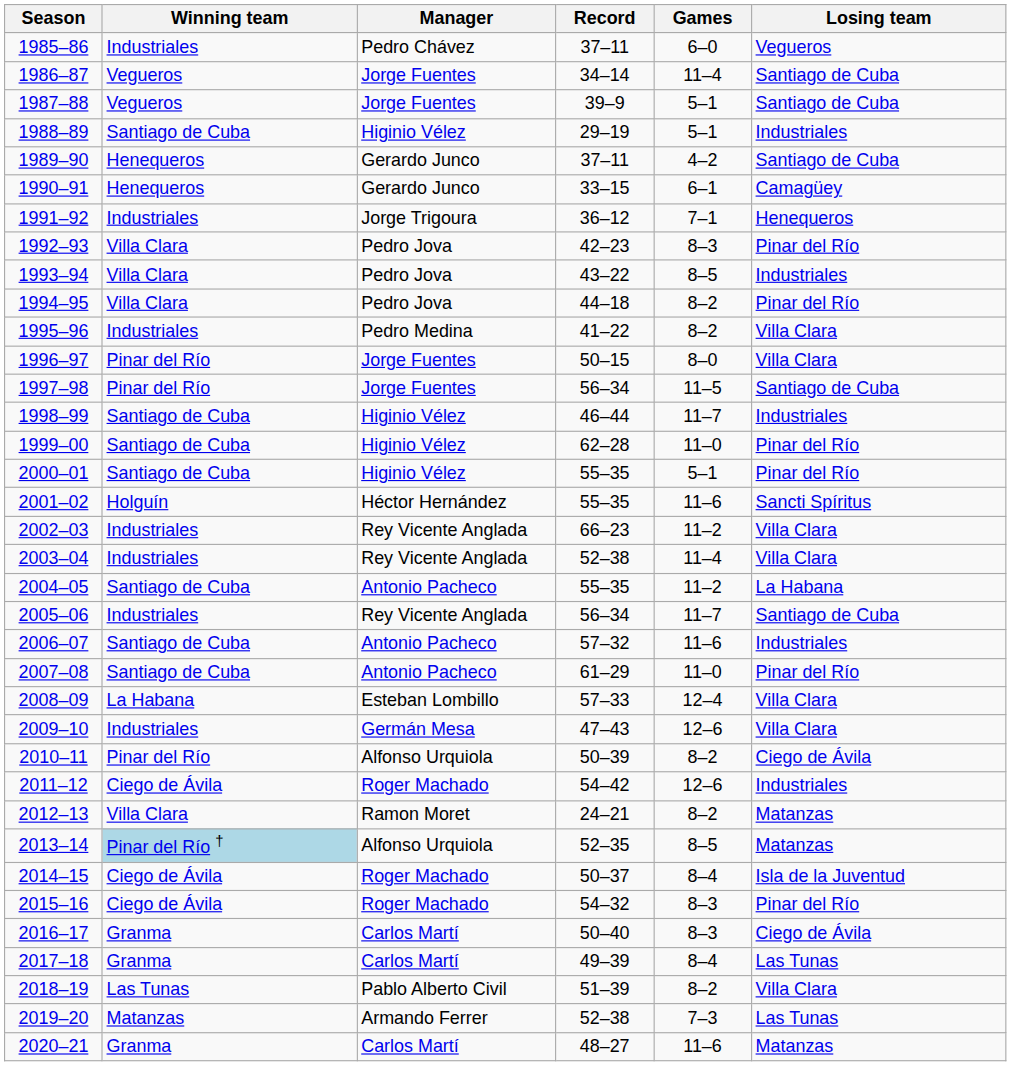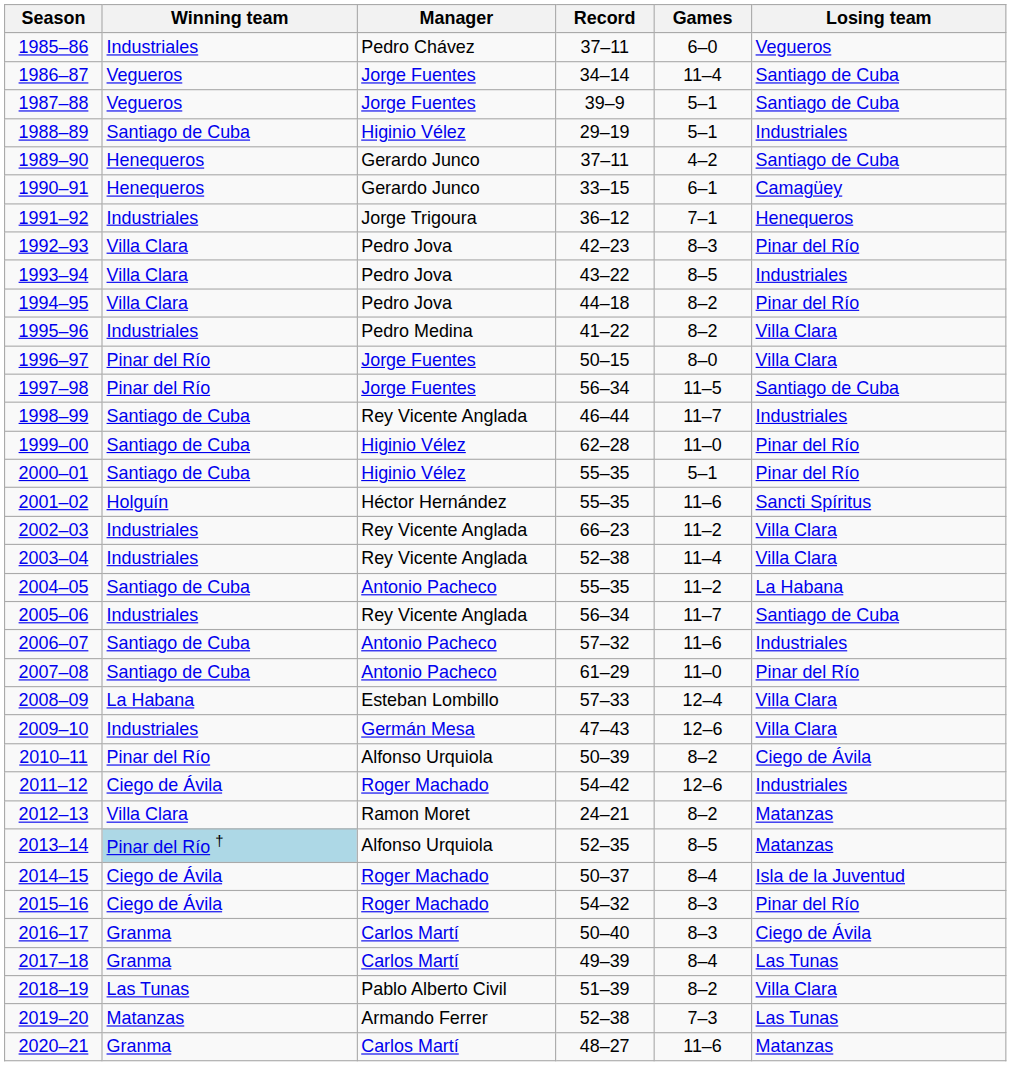 <table class="wikitable sortable">
 <tr>
 <th width="80">Season</th>
 <th width="220">Winning team</th>
 <th width="170">Manager</th>
 <th width="80">Record</th>
 <th width="80">Games</th>
 <th width="220">Losing team</th>
 </tr>
 <tr>
 <td align="center"><a href='#'>1985–86</a></td>
 <td><a href='#'>Industriales</a> </td>
 <td>Pedro Chávez</td>
 <td align="center">37–11</td>
 <td align="center">6–0</td>
 <td><a href='#'>Vegueros</a></td>
 </tr>
 <tr>
 <td align="center"><a href='#'>1986–87</a></td>
 <td><a href='#'>Vegueros</a> </td>
 <td><a href='#'>Jorge Fuentes</a></td>
 <td align="center">34–14</td>
 <td align="center">11–4</td>
 <td><a href='#'>Santiago de Cuba</a></td>
 </tr>
 <tr>
 <td align="center"><a href='#'>1987–88</a></td>
 <td><a href='#'>Vegueros</a> </td>
 <td><a href='#'>Jorge Fuentes</a></td>
 <td align="center">39–9</td>
 <td align="center">5–1</td>
 <td><a href='#'>Santiago de Cuba</a></td>
 </tr>
 <tr>
 <td align="center"><a href='#'>1988–89</a></td>
 <td><a href='#'>Santiago de Cuba</a> </td>
 <td><a href='#'>Higinio Vélez</a></td>
 <td align="center">29–19</td>
 <td align="center">5–1</td>
 <td><a href='#'>Industriales</a></td>
 </tr>
 <tr>
 <td align="center"><a href='#'>1989–90</a></td>
 <td><a href='#'>Henequeros</a> </td>
 <td>Gerardo Junco</td>
 <td align="center">37–11</td>
 <td align="center">4–2</td>
 <td><a href='#'>Santiago de Cuba</a></td>
 </tr>
 <tr>
 <td align="center"><a href='#'>1990–91</a></td>
 <td><a href='#'>Henequeros</a> </td>
 <td>Gerardo Junco</td>
 <td align="center">33–15</td>
 <td align="center">6–1</td>
 <td><a href='#'>Camagüey</a></td>
 </tr>
 <tr>
 <td align="center"><a href='#'>1991–92</a></td>
 <td><a href='#'>Industriales</a> </td>
 <td>Jorge Trigoura</td>
 <td align="center">36–12</td>
 <td align="center">7–1</td>
 <td><a href='#'>Henequeros</a></td>
 </tr>
 <tr>
 <td align="center"><a href='#'>1992–93</a></td>
 <td><a href='#'>Villa Clara</a> </td>
 <td>Pedro Jova</td>
 <td align="center">42–23</td>
 <td align="center">8–3</td>
 <td><a href='#'>Pinar del Río</a></td>
 </tr>
 <tr>
 <td align="center"><a href='#'>1993–94</a></td>
 <td><a href='#'>Villa Clara</a> </td>
 <td>Pedro Jova</td>
 <td align="center">43–22</td>
 <td align="center">8–5</td>
 <td><a href='#'>Industriales</a></td>
 </tr>
 <tr>
 <td align="center"><a href='#'>1994–95</a></td>
 <td><a href='#'>Villa Clara</a> </td>
 <td>Pedro Jova</td>
 <td align="center">44–18</td>
 <td align="center">8–2</td>
 <td><a href='#'>Pinar del Río</a></td>
 </tr>
 <tr>
 <td align="center"><a href='#'>1995–96</a></td>
 <td><a href='#'>Industriales</a> </td>
 <td>Pedro Medina</td>
 <td align="center">41–22</td>
 <td align="center">8–2</td>
 <td><a href='#'>Villa Clara</a></td>
 </tr>
 <tr>
 <td align="center"><a href='#'>1996–97</a></td>
 <td><a href='#'>Pinar del Río</a> </td>
 <td><a href='#'>Jorge Fuentes</a></td>
 <td align="center">50–15</td>
 <td align="center">8–0</td>
 <td><a href='#'>Villa Clara</a></td>
 </tr>
 <tr>
 <td align="center"><a href='#'>1997–98</a></td>
 <td><a href='#'>Pinar del Río</a> </td>
 <td><a href='#'>Jorge Fuentes</a></td>
 <td align="center">56–34</td>
 <td align="center">11–5</td>
 <td><a href='#'>Santiago de Cuba</a></td>
 </tr>
 <tr>
 <td align="center"><a href='#'>1998–99</a></td>
 <td><a href='#'>Santiago de Cuba</a> </td>
-<td><a href='#'>Higinio Vélez</a></td>
+<td>Rey Vicente Anglada</td>
 <td align="center">46–44</td>
 <td align="center">11–7</td>
 <td><a href='#'>Industriales</a></td>
 </tr>
 <tr>
 <td align="center"><a href='#'>1999–00</a></td>
 <td><a href='#'>Santiago de Cuba</a> </td>
 <td><a href='#'>Higinio Vélez</a></td>
 <td align="center">62–28</td>
 <td align="center">11–0</td>
 <td><a href='#'>Pinar del Río</a></td>
 </tr>
 <tr>
 <td align="center"><a href='#'>2000–01</a></td>
 <td><a href='#'>Santiago de Cuba</a> </td>
 <td><a href='#'>Higinio Vélez</a></td>
 <td align="center">55–35</td>
 <td align="center">5–1</td>
 <td><a href='#'>Pinar del Río</a></td>
 </tr>
 <tr>
 <td align="center"><a href='#'>2001–02</a></td>
 <td><a href='#'>Holguín</a> </td>
 <td>Héctor Hernández</td>
 <td align="center">55–35</td>
 <td align="center">11–6</td>
 <td><a href='#'>Sancti Spíritus</a></td>
 </tr>
 <tr>
 <td align="center"><a href='#'>2002–03</a></td>
 <td><a href='#'>Industriales</a> </td>
 <td>Rey Vicente Anglada</td>
 <td align="center">66–23</td>
 <td align="center">11–2</td>
 <td><a href='#'>Villa Clara</a></td>
 </tr>
 <tr>
 <td align="center"><a href='#'>2003–04</a></td>
 <td><a href='#'>Industriales</a> </td>
 <td>Rey Vicente Anglada</td>
 <td align="center">52–38</td>
 <td align="center">11–4</td>
 <td><a href='#'>Villa Clara</a></td>
 </tr>
 <tr>
 <td align="center"><a href='#'>2004–05</a></td>
 <td><a href='#'>Santiago de Cuba</a> </td>
 <td><a href='#'>Antonio Pacheco</a></td>
 <td align="center">55–35</td>
 <td align="center">11–2</td>
 <td><a href='#'>La Habana</a></td>
 </tr>
 <tr>
 <td align="center"><a href='#'>2005–06</a></td>
 <td><a href='#'>Industriales</a> </td>
 <td>Rey Vicente Anglada</td>
 <td align="center">56–34</td>
 <td align="center">11–7</td>
 <td><a href='#'>Santiago de Cuba</a></td>
 </tr>
 <tr>
 <td align="center"><a href='#'>2006–07</a></td>
 <td><a href='#'>Santiago de Cuba</a> </td>
 <td><a href='#'>Antonio Pacheco</a></td>
 <td align="center">57–32</td>
 <td align="center">11–6</td>
 <td><a href='#'>Industriales</a></td>
 </tr>
 <tr>
 <td align="center"><a href='#'>2007–08</a></td>
 <td><a href='#'>Santiago de Cuba</a> </td>
 <td><a href='#'>Antonio Pacheco</a></td>
 <td align="center">61–29</td>
 <td align="center">11–0</td>
 <td><a href='#'>Pinar del Río</a></td>
 </tr>
 <tr>
 <td align="center"><a href='#'>2008–09</a></td>
 <td><a href='#'>La Habana</a> </td>
 <td>Esteban Lombillo</td>
 <td align="center">57–33</td>
 <td align="center">12–4</td>
 <td><a href='#'>Villa Clara</a></td>
 </tr>
 <tr>
 <td align="center"><a href='#'>2009–10</a></td>
 <td><a href='#'>Industriales</a> </td>
 <td><a href='#'>Germán Mesa</a></td>
 <td align="center">47–43</td>
 <td align="center">12–6</td>
 <td><a href='#'>Villa Clara</a></td>
 </tr>
 <tr>
 <td align="center"><a href='#'>2010–11</a></td>
 <td><a href='#'>Pinar del Río</a> </td>
 <td>Alfonso Urquiola</td>
 <td align="center">50–39</td>
 <td align="center">8–2</td>
 <td><a href='#'>Ciego de Ávila</a></td>
 </tr>
 <tr>
 <td align="center"><a href='#'>2011–12</a></td>
 <td><a href='#'>Ciego de Ávila</a> </td>
 <td><a href='#'>Roger Machado</a></td>
 <td align="center">54–42</td>
 <td align="center">12–6</td>
 <td><a href='#'>Industriales</a></td>
 </tr>
 <tr>
 <td align="center"><a href='#'>2012–13</a></td>
 <td><a href='#'>Villa Clara</a> </td>
 <td>Ramon Moret</td>
 <td align="center">24–21</td>
 <td align="center">8–2</td>
 <td><a href='#'>Matanzas</a></td>
 </tr>
 <tr>
 <td align="center"><a href='#'>2013–14</a></td>
 <td style="background-color:#add8e6"><a href='#'>Pinar del Río</a>  <sup>†</sup></td>
 <td>Alfonso Urquiola</td>
 <td align="center">52–35</td>
 <td align="center">8–5</td>
 <td><a href='#'>Matanzas</a></td>
 </tr>
 <tr>
 <td align="center"><a href='#'>2014–15</a></td>
 <td><a href='#'>Ciego de Ávila</a> </td>
 <td><a href='#'>Roger Machado</a></td>
 <td align="center">50–37</td>
 <td align="center">8–4</td>
 <td><a href='#'>Isla de la Juventud</a></td>
 </tr>
 <tr>
 <td align="center"><a href='#'>2015–16</a></td>
 <td><a href='#'>Ciego de Ávila</a> </td>
 <td><a href='#'>Roger Machado</a></td>
 <td align="center">54–32</td>
 <td align="center">8–3</td>
 <td><a href='#'>Pinar del Río</a></td>
 </tr>
 <tr>
 <td align="center"><a href='#'>2016–17</a></td>
 <td><a href='#'>Granma</a> </td>
 <td><a href='#'>Carlos Martí</a></td>
 <td align="center">50–40</td>
 <td align="center">8–3</td>
 <td><a href='#'>Ciego de Ávila</a></td>
 </tr>
 <tr>
 <td align="center"><a href='#'>2017–18</a></td>
 <td><a href='#'>Granma</a> </td>
 <td><a href='#'>Carlos Martí</a></td>
 <td align="center">49–39</td>
 <td align="center">8–4</td>
 <td><a href='#'>Las Tunas</a></td>
 </tr>
 <tr>
 <td align="center"><a href='#'>2018–19</a></td>
 <td><a href='#'>Las Tunas</a> </td>
 <td>Pablo Alberto Civil</td>
 <td align="center">51–39</td>
 <td align="center">8–2</td>
 <td><a href='#'>Villa Clara</a></td>
 </tr>
 <tr>
 <td align="center"><a href='#'>2019–20</a></td>
 <td><a href='#'>Matanzas</a> </td>
 <td>Armando Ferrer</td>
 <td align="center">52–38</td>
 <td align="center">7–3</td>
 <td><a href='#'>Las Tunas</a></td>
 </tr>
 <tr>
 <td align="center"><a href='#'>2020–21</a></td>
 <td><a href='#'>Granma</a> </td>
 <td><a href='#'>Carlos Martí</a></td>
 <td align="center">48–27</td>
 <td align="center">11–6</td>
 <td><a href='#'>Matanzas</a></td>
 </tr>
 </table>
